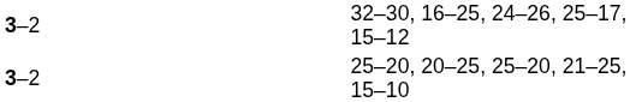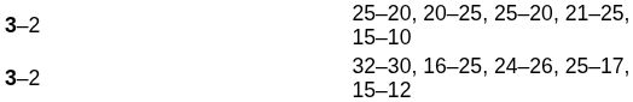 <table>
 <tr>
 <th width=200></th>
 <th width=80></th>
 <th width=200></th>
 <th width=220></th>
 </tr>
 <tr>
 <td align=right><strong></strong></td>
 <td align=center><strong>3</strong>–2</td>
 <td></td>
-<td>32–30, 16–25, 24–26, 25–17, 15–12</td>
+<td>25–20, 20–25, 25–20, 21–25, 15–10</td>
 </tr>
 <tr>
 <td align=right><strong></strong></td>
 <td align=center><strong>3</strong>–2</td>
 <td></td>
-<td>25–20, 20–25, 25–20, 21–25, 15–10</td>
+<td>32–30, 16–25, 24–26, 25–17, 15–12</td>
 </tr>
 </table>
